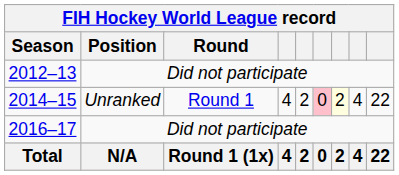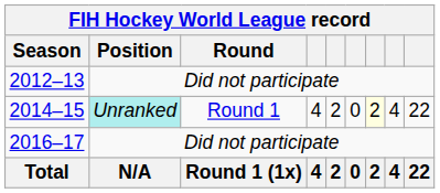 <table class="wikitable" style="text-align: center;">
 <tr>
 <th colspan=9><a href='#'>FIH Hockey World League</a> record</th>
 </tr>
 <tr>
 <th>Season</th>
 <th>Position</th>
 <th>Round</th>
 <th></th>
 <th></th>
 <th></th>
 <th></th>
 <th></th>
 <th></th>
 </tr>
 <tr>
 <td><a href='#'>2012–13</a></td>
 <td colspan=8><em>Did not participate</em></td>
 </tr>
 <tr>
 <td><a href='#'>2014–15</a></td>
-<td><em>Unranked</em></td>
+<td style="background: paleturquoise;"><em>Unranked</em></td>
 <td><a href='#'>Round 1</a></td>
 <td>4</td>
 <td>2</td>
-<td style="background: pink;">0</td>
+<td>0</td>
 <td style="background: lightyellow;">2</td>
 <td>4</td>
 <td>22</td>
 </tr>
 <tr>
 <td><a href='#'>2016–17</a></td>
 <td colspan=8><em>Did not participate</em></td>
 </tr>
 <tr>
 <th>Total</th>
 <th>N/A</th>
 <th>Round 1 (1x)</th>
 <th>4</th>
 <th>2</th>
 <th>0</th>
 <th>2</th>
 <th>4</th>
 <th>22</th>
 </tr>
 </table>
